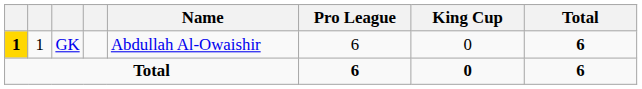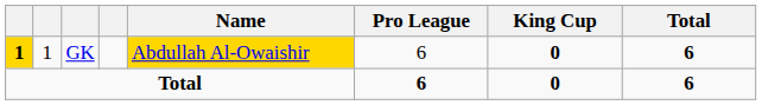 <table class="wikitable" style="text-align:center">
 <tr>
 <th width=15></th>
 <th width=15></th>
 <th width=15></th>
 <th width=15></th>
 <th width=175>Name</th>
 <th width=100>Pro League</th>
 <th width=100>King Cup</th>
 <th width=100>Total</th>
 </tr>
 <tr>
 <td style="background: gold;"><strong>1</strong></td>
 <td>1</td>
 <td><a href='#'>GK</a></td>
 <td></td>
-<td align=left><a href='#'>Abdullah Al-Owaishir</a></td>
+<td align=left style="background: gold;"><a href='#'>Abdullah Al-Owaishir</a></td>
 <td>6</td>
-<td>0</td>
+<td><strong>0</strong></td>
 <td><strong>6</strong></td>
 </tr>
 <tr>
 <td colspan=5><strong>Total</strong></td>
 <td><strong>6</strong></td>
 <td><strong>0</strong></td>
 <td><strong>6</strong></td>
 </tr>
 </table>
